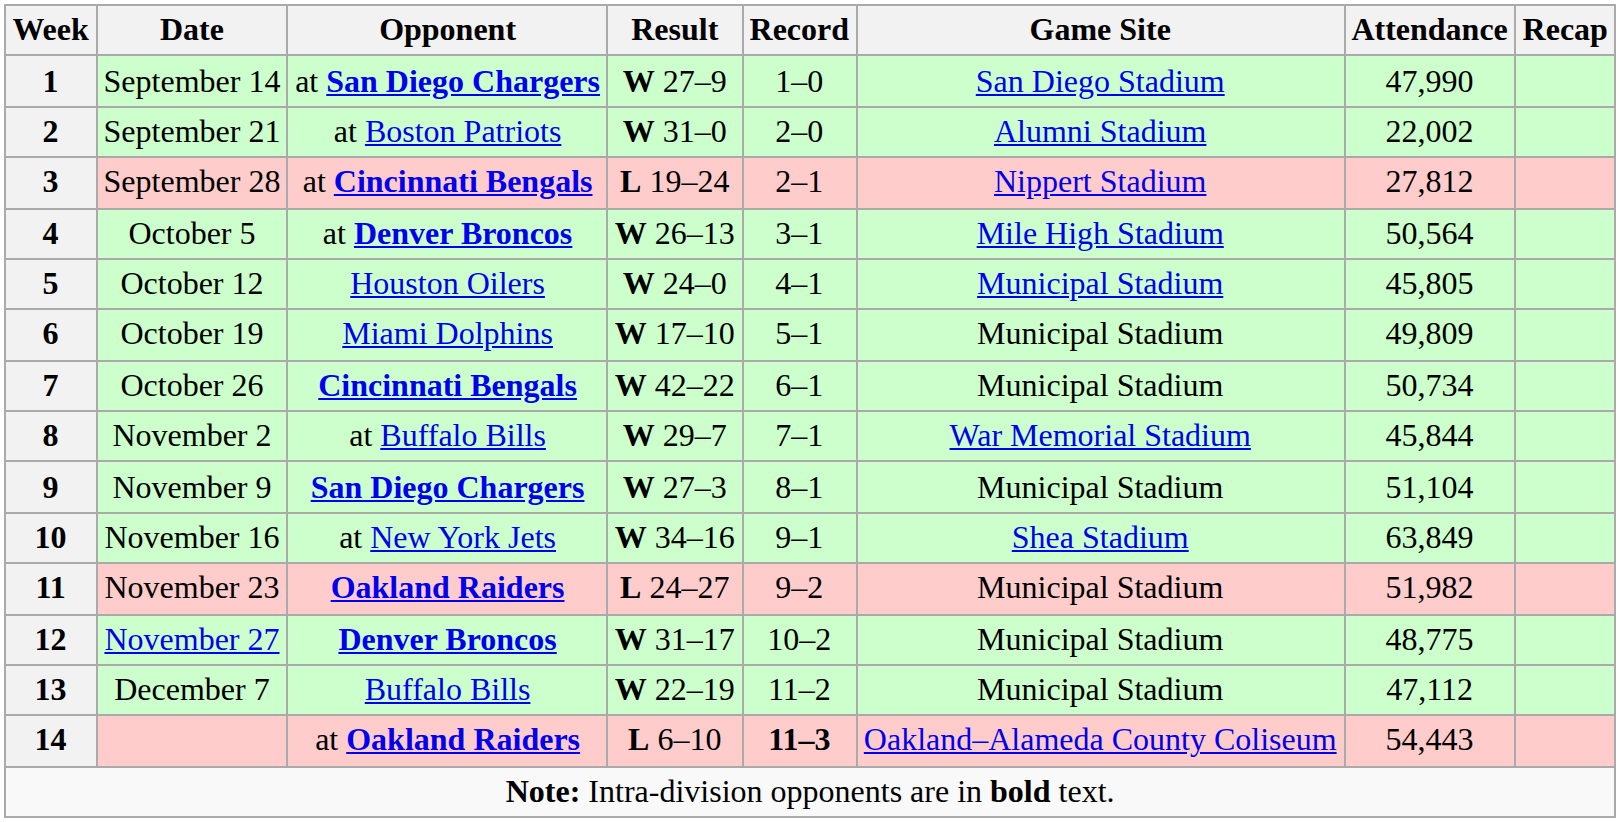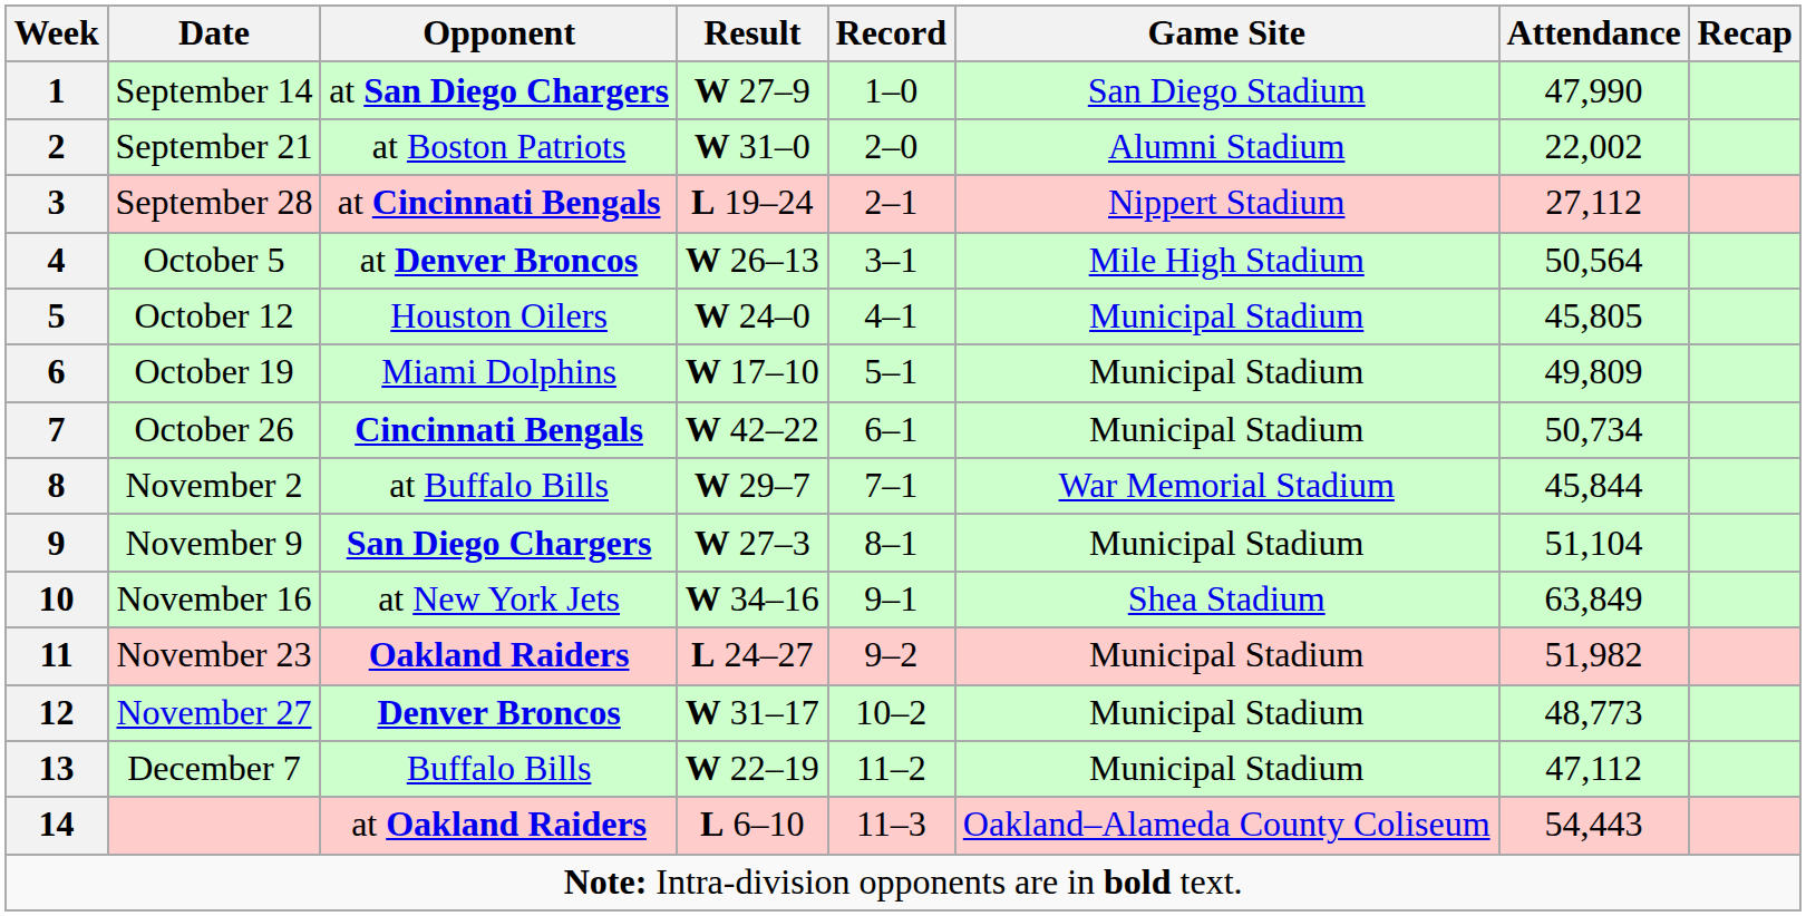 <table class="wikitable" style="text-align:center">
 <tr>
 <th>Week</th>
 <th>Date</th>
 <th>Opponent</th>
 <th>Result</th>
 <th>Record</th>
 <th>Game Site</th>
 <th>Attendance</th>
 <th>Recap</th>
 </tr>
 <tr style="background:#cfc">
 <th>1</th>
 <td>September 14</td>
 <td>at <strong><a href='#'>San Diego Chargers</a></strong></td>
 <td><strong>W</strong> 27–9</td>
 <td>1–0</td>
 <td><a href='#'>San Diego Stadium</a></td>
 <td>47,990</td>
 <td></td>
 </tr>
 <tr style="background:#cfc">
 <th>2</th>
 <td>September 21</td>
 <td>at <a href='#'>Boston Patriots</a></td>
 <td><strong>W</strong> 31–0</td>
 <td>2–0</td>
 <td><a href='#'>Alumni Stadium</a></td>
 <td>22,002</td>
 <td></td>
 </tr>
 <tr style="background:#fcc">
 <th>3</th>
 <td>September 28</td>
 <td>at <strong><a href='#'>Cincinnati Bengals</a></strong></td>
 <td><strong>L</strong> 19–24</td>
 <td>2–1</td>
 <td><a href='#'>Nippert Stadium</a></td>
-<td>27,812</td>
+<td>27,112</td>
 <td></td>
 </tr>
 <tr style="background:#cfc">
 <th>4</th>
 <td>October 5</td>
 <td>at <strong><a href='#'>Denver Broncos</a></strong></td>
 <td><strong>W</strong> 26–13</td>
 <td>3–1</td>
 <td><a href='#'>Mile High Stadium</a></td>
 <td>50,564</td>
 <td></td>
 </tr>
 <tr style="background:#cfc">
 <th>5</th>
 <td>October 12</td>
 <td><a href='#'>Houston Oilers</a></td>
 <td><strong>W</strong> 24–0</td>
 <td>4–1</td>
 <td><a href='#'>Municipal Stadium</a></td>
 <td>45,805</td>
 <td></td>
 </tr>
 <tr style="background:#cfc">
 <th>6</th>
 <td>October 19</td>
 <td><a href='#'>Miami Dolphins</a></td>
 <td><strong>W</strong> 17–10</td>
 <td>5–1</td>
 <td>Municipal Stadium</td>
 <td>49,809</td>
 <td></td>
 </tr>
 <tr style="background:#cfc">
 <th>7</th>
 <td>October 26</td>
 <td><strong><a href='#'>Cincinnati Bengals</a></strong></td>
 <td><strong>W</strong> 42–22</td>
 <td>6–1</td>
 <td>Municipal Stadium</td>
 <td>50,734</td>
 <td></td>
 </tr>
 <tr style="background:#cfc">
 <th>8</th>
 <td>November 2</td>
 <td>at <a href='#'>Buffalo Bills</a></td>
 <td><strong>W</strong> 29–7</td>
 <td>7–1</td>
 <td><a href='#'>War Memorial Stadium</a></td>
 <td>45,844</td>
 <td></td>
 </tr>
 <tr style="background:#cfc">
 <th>9</th>
 <td>November 9</td>
 <td><strong><a href='#'>San Diego Chargers</a></strong></td>
 <td><strong>W</strong> 27–3</td>
 <td>8–1</td>
 <td>Municipal Stadium</td>
 <td>51,104</td>
 <td></td>
 </tr>
 <tr style="background:#cfc">
 <th>10</th>
 <td>November 16</td>
 <td>at <a href='#'>New York Jets</a></td>
 <td><strong>W</strong> 34–16</td>
 <td>9–1</td>
 <td><a href='#'>Shea Stadium</a></td>
 <td>63,849</td>
 <td></td>
 </tr>
 <tr style="background:#fcc">
 <th>11</th>
 <td>November 23</td>
 <td><strong><a href='#'>Oakland Raiders</a></strong></td>
 <td><strong>L</strong> 24–27</td>
 <td>9–2</td>
 <td>Municipal Stadium</td>
 <td>51,982</td>
 <td></td>
 </tr>
 <tr style="background:#cfc">
 <th>12</th>
 <td><a href='#'>November 27</a></td>
 <td><strong><a href='#'>Denver Broncos</a></strong></td>
 <td><strong>W</strong> 31–17</td>
 <td>10–2</td>
 <td>Municipal Stadium</td>
-<td>48,775</td>
+<td>48,773</td>
 <td></td>
 </tr>
 <tr style="background:#cfc">
 <th>13</th>
 <td>December 7</td>
 <td><a href='#'>Buffalo Bills</a></td>
 <td><strong>W</strong> 22–19</td>
 <td>11–2</td>
 <td>Municipal Stadium</td>
 <td>47,112</td>
 <td></td>
 </tr>
 <tr style="background:#fcc">
 <th>14</th>
 <td></td>
 <td>at <strong><a href='#'>Oakland Raiders</a></strong></td>
 <td><strong>L</strong> 6–10</td>
-<td><strong>11–3</strong></td>
+<td>11–3</td>
 <td><a href='#'>Oakland–Alameda County Coliseum</a></td>
 <td>54,443</td>
 <td></td>
 </tr>
 <tr>
 <td colspan="10"><strong>Note:</strong> Intra-division opponents are in <strong>bold</strong> text.</td>
 </tr>
 </table>
